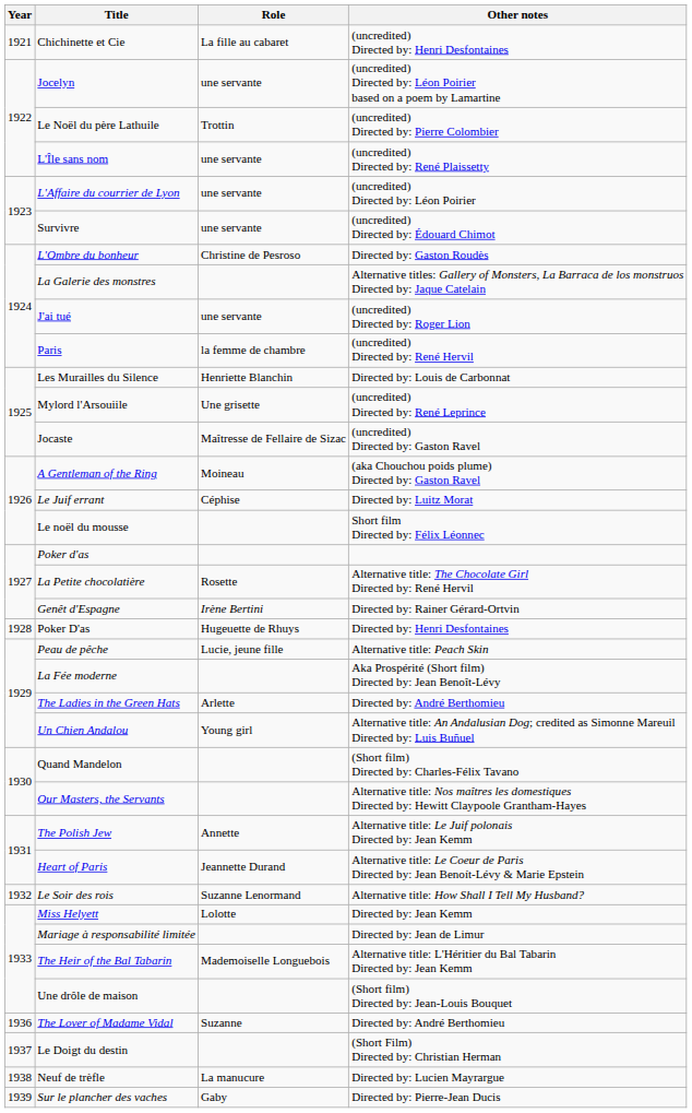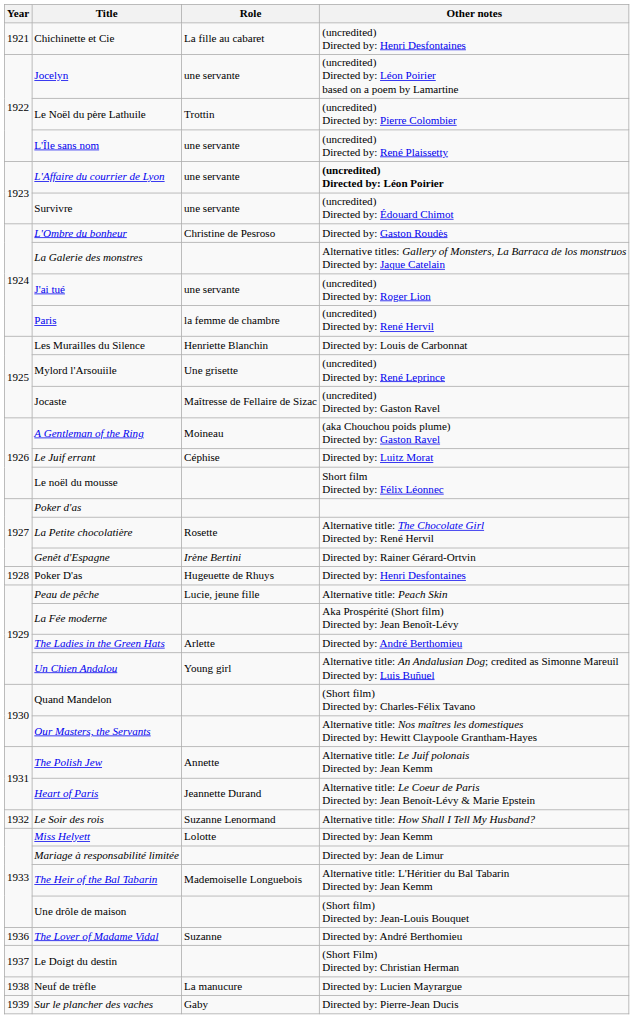 <table class="wikitable" style="font-size: 90%;">
 <tr>
 <th>Year</th>
 <th>Title</th>
 <th>Role</th>
 <th>Other notes</th>
 </tr>
 <tr>
 <td>1921</td>
 <td>Chichinette et Cie</td>
 <td>La fille au cabaret</td>
 <td>(uncredited)<br>Directed by: <a href='#'>Henri Desfontaines</a></td>
 </tr>
 <tr>
 <td rowspan="3">1922</td>
 <td><a href='#'>Jocelyn</a></td>
 <td>une servante</td>
 <td>(uncredited)<br>Directed by: <a href='#'>Léon Poirier</a><br>based on a poem by Lamartine</td>
 </tr>
 <tr>
 <td>Le Noël du père Lathuile</td>
 <td>Trottin</td>
 <td>(uncredited)<br>Directed by: <a href='#'>Pierre Colombier</a></td>
 </tr>
 <tr>
 <td><a href='#'>L'Île sans nom</a></td>
 <td>une servante</td>
 <td>(uncredited)<br>Directed by: <a href='#'>René Plaissetty</a></td>
 </tr>
 <tr>
 <td rowspan="2">1923</td>
 <td><em><a href='#'>L'Affaire du courrier de Lyon</a></em></td>
 <td>une servante</td>
-<td>(uncredited)<br>Directed by: Léon Poirier</td>
+<td><strong>(uncredited)<br>Directed by: Léon Poirier</strong></td>
 </tr>
 <tr>
 <td>Survivre</td>
 <td>une servante</td>
 <td>(uncredited)<br>Directed by: <a href='#'>Édouard Chimot</a></td>
 </tr>
 <tr>
 <td rowspan="4">1924</td>
 <td><em><a href='#'>L'Ombre du bonheur</a></em></td>
 <td>Christine de Pesroso</td>
 <td>Directed by: <a href='#'>Gaston Roudès</a></td>
 </tr>
 <tr>
 <td><em>La Galerie des monstres</em></td>
 <td></td>
 <td>Alternative titles: <em>Gallery of Monsters</em>, <em>La Barraca de los monstruos</em><br>Directed by: <a href='#'>Jaque Catelain</a></td>
 </tr>
 <tr>
 <td><a href='#'>J'ai tué</a></td>
 <td>une servante</td>
 <td>(uncredited)<br>Directed by: <a href='#'>Roger Lion</a></td>
 </tr>
 <tr>
 <td><a href='#'>Paris</a></td>
 <td>la femme de chambre</td>
 <td>(uncredited)<br>Directed by: <a href='#'>René Hervil</a></td>
 </tr>
 <tr>
 <td rowspan="3">1925</td>
 <td>Les Murailles du Silence</td>
 <td>Henriette Blanchin</td>
 <td>Directed by: Louis de Carbonnat</td>
 </tr>
 <tr>
 <td>Mylord l'Arsouiile</td>
 <td>Une grisette</td>
 <td>(uncredited)<br>Directed by: <a href='#'>René Leprince</a></td>
 </tr>
 <tr>
 <td>Jocaste</td>
 <td>Maîtresse de Fellaire de Sizac</td>
 <td>(uncredited)<br>Directed by: Gaston Ravel</td>
 </tr>
 <tr>
 <td rowspan="3">1926</td>
 <td><em><a href='#'>A Gentleman of the Ring</a></em></td>
 <td>Moineau</td>
 <td>(aka Chouchou poids plume)<br>Directed by: <a href='#'>Gaston Ravel</a></td>
 </tr>
 <tr>
 <td><em>Le Juif errant</em></td>
 <td>Céphise</td>
 <td>Directed by: <a href='#'>Luitz Morat</a></td>
 </tr>
 <tr>
 <td>Le noël du mousse</td>
 <td></td>
 <td>Short film<br>Directed by: <a href='#'>Félix Léonnec</a></td>
 </tr>
 <tr>
 <td rowspan=3>1927</td>
 <td><em>Poker d'as</em></td>
 <td></td>
 <td></td>
 </tr>
 <tr>
 <td><em>La Petite chocolatière</em></td>
 <td>Rosette</td>
 <td>Alternative title: <em><a href='#'>The Chocolate Girl</a></em><br>Directed by: René Hervil</td>
 </tr>
 <tr>
 <td><em>Genêt d'Espagne</em></td>
 <td><em>Irène Bertini</em></td>
 <td>Directed by: Rainer Gérard-Ortvin</td>
 </tr>
 <tr>
 <td>1928</td>
 <td>Poker D'as</td>
 <td>Hugeuette de Rhuys</td>
 <td>Directed by: <a href='#'>Henri Desfontaines</a></td>
 </tr>
 <tr>
 <td rowspan="4">1929</td>
 <td><em>Peau de pêche</em></td>
 <td>Lucie, jeune fille</td>
 <td>Alternative title: <em>Peach Skin</em></td>
 </tr>
 <tr>
 <td><em>La Fée moderne</em></td>
 <td></td>
 <td>Aka Prospérité (Short film)<br>Directed by: Jean Benoît-Lévy</td>
 </tr>
 <tr>
 <td><em><a href='#'>The Ladies in the Green Hats</a></em></td>
 <td>Arlette</td>
 <td>Directed by: <a href='#'>André Berthomieu</a></td>
 </tr>
 <tr>
 <td><em><a href='#'>Un Chien Andalou</a></em></td>
 <td>Young girl</td>
 <td>Alternative title: <em>An Andalusian Dog</em>; credited as Simonne Mareuil<br>Directed by: <a href='#'>Luis Buñuel</a></td>
 </tr>
 <tr>
 <td rowspan="2">1930</td>
 <td>Quand Mandelon</td>
 <td></td>
 <td>(Short film)<br>Directed by: Charles-Félix Tavano</td>
 </tr>
 <tr>
 <td><em><a href='#'>Our Masters, the Servants</a></em></td>
 <td></td>
 <td>Alternative title: <em>Nos maîtres les domestiques</em><br>Directed by: Hewitt Claypoole Grantham-Hayes</td>
 </tr>
 <tr>
 <td rowspan="2">1931</td>
 <td><em><a href='#'>The Polish Jew</a></em></td>
 <td>Annette</td>
 <td>Alternative title: <em>Le Juif polonais</em><br>Directed by: Jean Kemm</td>
 </tr>
 <tr>
 <td><em><a href='#'>Heart of Paris</a></em></td>
 <td>Jeannette Durand</td>
 <td>Alternative title: <em>Le Coeur de Paris</em><br>Directed by: Jean Benoít-Lévy & Marie Epstein</td>
 </tr>
 <tr>
 <td>1932</td>
 <td><em>Le Soir des rois</em></td>
 <td>Suzanne Lenormand</td>
 <td>Alternative title: <em>How Shall I Tell My Husband?</em></td>
 </tr>
 <tr>
 <td rowspan="4">1933</td>
 <td><em><a href='#'>Miss Helyett</a></em></td>
 <td>Lolotte</td>
 <td>Directed by: Jean Kemm</td>
 </tr>
 <tr>
 <td><em>Mariage à responsabilité limitée </em></td>
 <td></td>
 <td>Directed by: Jean de Limur</td>
 </tr>
 <tr>
 <td><em><a href='#'>The Heir of the Bal Tabarin</a></em></td>
 <td>Mademoiselle Longuebois</td>
 <td>Alternative title: L'Héritier du Bal Tabarin<br>Directed by: Jean Kemm</td>
 </tr>
 <tr>
 <td>Une drôle de maison</td>
 <td></td>
 <td>(Short film)<br>Directed by: Jean-Louis Bouquet</td>
 </tr>
 <tr>
 <td>1936</td>
 <td><em><a href='#'>The Lover of Madame Vidal</a></em></td>
 <td>Suzanne</td>
 <td>Directed by: André Berthomieu</td>
 </tr>
 <tr>
 <td>1937</td>
 <td>Le Doigt du destin</td>
 <td></td>
 <td>(Short Film)<br>Directed by: Christian Herman</td>
 </tr>
 <tr>
 <td>1938</td>
 <td>Neuf de trèfle</td>
 <td>La manucure</td>
 <td>Directed by: Lucien Mayrargue</td>
 </tr>
 <tr>
 <td>1939</td>
 <td><em>Sur le plancher des vaches</em></td>
 <td>Gaby</td>
 <td>Directed by: Pierre-Jean Ducis</td>
 </tr>
 </table>
